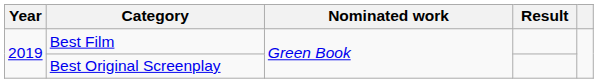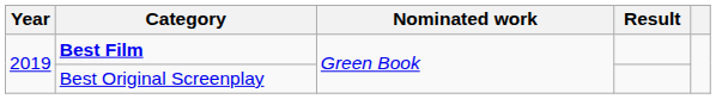 <table class="wikitable sortable">
 <tr>
 <th scope="col" style="width:1em;">Year</th>
 <th scope="col" style="width:33em;">Category</th>
 <th scope="col" style="width:39em;">Nominated work</th>
 <th scope="col" style="width:5em;">Result</th>
 <th scope="col" style="width:2em;" class="unsortable"></th>
 </tr>
 <tr>
 <td rowspan="2"><a href='#'>2019</a></td>
-<td><a href='#'>Best Film</a></td>
+<td><strong><a href='#'>Best Film</a></strong></td>
 <td rowspan="2"><em><a href='#'>Green Book</a></em></td>
 <td></td>
 <td style="text-align:center;" rowspan="2"></td>
 </tr>
 <tr>
 <td><a href='#'>Best Original Screenplay</a></td>
 <td></td>
 </tr>
 </table>
